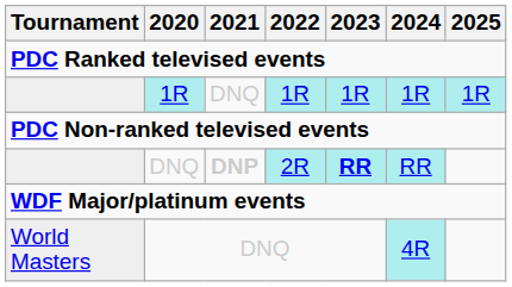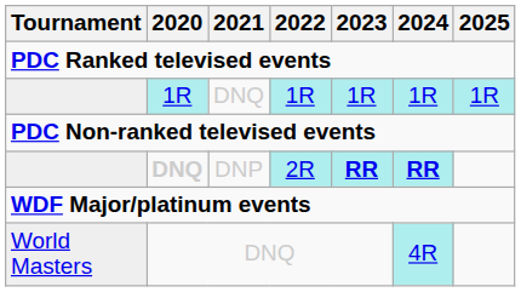 <table class=wikitable style="width:25%; margin:0">
 <tr>
 <th>Tournament</th>
 <th>2020</th>
 <th>2021</th>
 <th>2022</th>
 <th>2023</th>
 <th>2024</th>
 <th>2025</th>
 </tr>
 <tr>
 <td colspan="28" align="left"><strong><a href='#'>PDC</a> Ranked televised events</strong></td>
 </tr>
 <tr>
 <td style="background:#efefef;" align="left"></td>
 <td style="text-align:center; background:#afeeee;"><a href='#'>1R</a></td>
 <td style="text-align:center; color:#ccc;">DNQ</td>
 <td style="text-align:center; background:#afeeee;"><a href='#'>1R</a></td>
 <td style="text-align:center; background:#afeeee;"><a href='#'>1R</a></td>
 <td style="text-align:center; background:#afeeee;"><a href='#'>1R</a></td>
 <td style="text-align:center; background:#afeeee;"><a href='#'>1R</a></td>
 </tr>
 <tr>
 <td colspan="20" align="left"><strong><a href='#'>PDC</a> Non-ranked televised events</strong></td>
 </tr>
 <tr>
 <td style="background:#efefef;" align=left></td>
-<td style="text-align:center; color:#ccc;">DNQ</td>
-<td style="text-align:center; color:#ccc;"><strong>DNP</strong></td>
+<td style="text-align:center; color:#ccc;"><strong>DNQ</strong></td>
+<td style="text-align:center; color:#ccc;">DNP</td>
 <td style="text-align:center; background:#afeeee;"><a href='#'>2R</a></td>
 <td style="text-align:center; background:#afeeee;"><strong><a href='#'>RR</a></strong></td>
-<td style="text-align:center; background:#afeeee;"><a href='#'>RR</a></td>
+<td style="text-align:center; background:#afeeee;"><strong><a href='#'>RR</a></strong></td>
 <td style="text-align:center; color:#ccc;"></td>
 </tr>
 <tr>
 <td colspan="10" style="text-align:left"><strong><a href='#'>WDF</a> Major/platinum events</strong></td>
 </tr>
 <tr>
 <td style="background:#efefef;"><a href='#'>World Masters</a></td>
 <td colspan="4" style="text-align:center; color:#ccc;">DNQ</td>
 <td style="text-align:center; background:#afeeee;"><a href='#'>4R</a></td>
 <td style="text-align:center; color:#ccc;"></td>
 </tr>
 </table>
